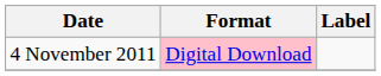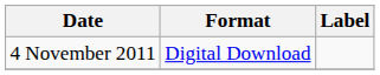 <table class=wikitable>
 <tr>
 <th>Date</th>
 <th>Format</th>
 <th>Label</th>
 </tr>
 <tr>
 <td>4 November 2011</td>
-<td rowspan="1" style="background: pink;"><a href='#'>Digital Download</a></td>
+<td rowspan="1"><a href='#'>Digital Download</a></td>
 <td rowspan="1"></td>
 </tr>
 <tr>
 </tr>
 </table>
